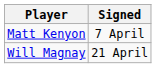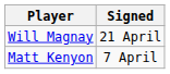 <table class="wikitable sortable sortable" style="text-align: center">
 <tr>
 <th>Player</th>
 <th>Signed</th>
 </tr>
 <tr>
+<td><a href='#'>Will Magnay</a></td>
+<td>21 April</td>
+</tr>
+<tr>
 <td><a href='#'>Matt Kenyon</a></td>
 <td>7 April</td>
 </tr>
-<tr>
-<td><a href='#'>Will Magnay</a></td>
-<td>21 April</td>
-</tr>
 </table>
